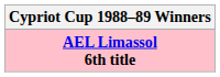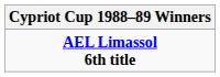 <table class="wikitable" style="text-align:center;margin: 0 auto;">
 <tr>
 <th>Cypriot Cup 1988–89 Winners</th>
 </tr>
 <tr>
 </tr>
 <tr>
-<td style="background: pink;"><strong><a href='#'>AEL Limassol</a></strong><br><strong>6th title</strong></td>
+<td><strong><a href='#'>AEL Limassol</a></strong><br><strong>6th title</strong></td>
 </tr>
 </table>
